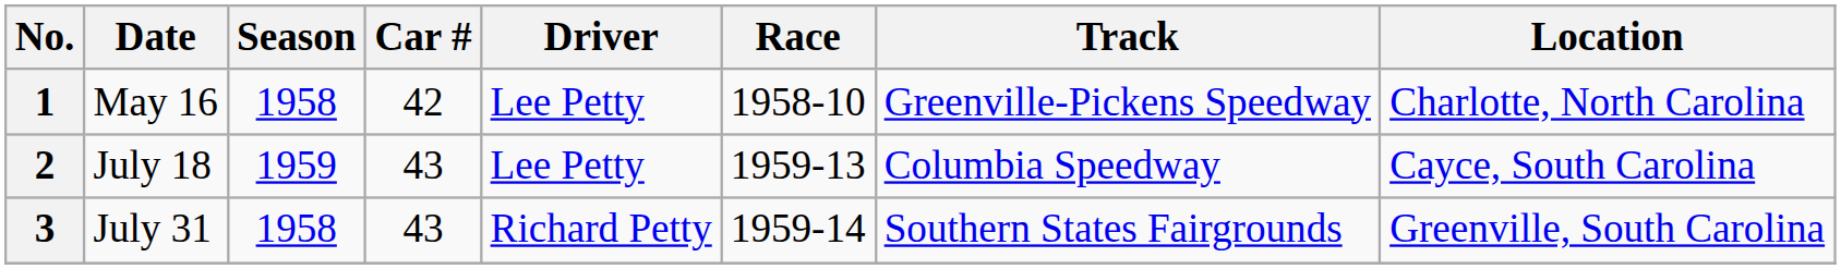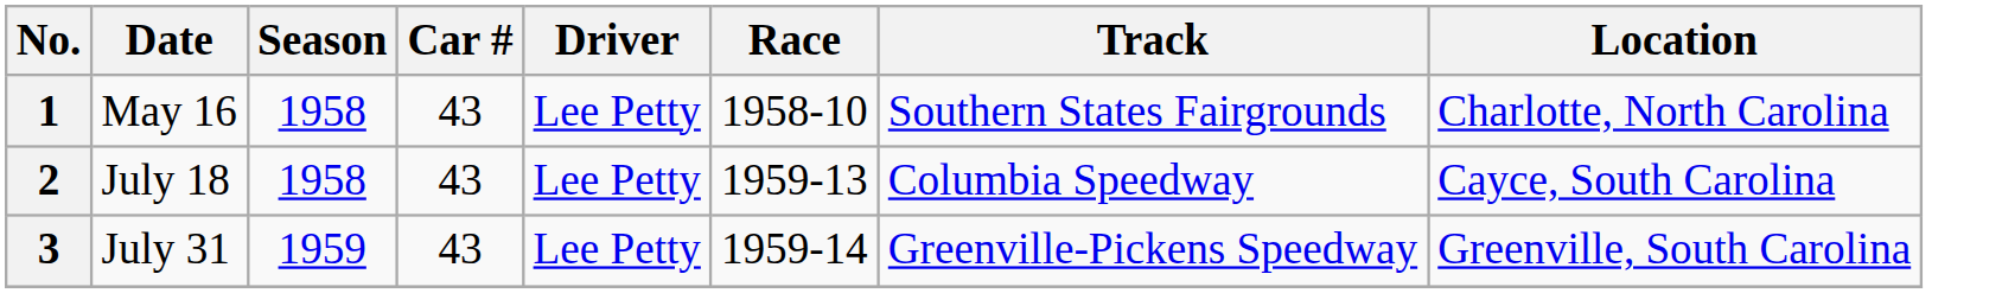 <table class="wikitable sortable">
 <tr>
 <th scope="col">No.</th>
 <th scope="col">Date</th>
 <th scope="col">Season</th>
 <th scope="col">Car #</th>
 <th scope="col">Driver</th>
 <th scope="col">Race</th>
 <th scope="col">Track</th>
 <th scope="col">Location</th>
 </tr>
 <tr>
 <th scope="row">1</th>
 <td>May 16</td>
 <td style="text-align:center;"><a href='#'>1958</a></td>
-<td style="text-align:center;">42</td>
+<td style="text-align:center;">43</td>
 <td><a href='#'>Lee Petty</a></td>
 <td>1958-10</td>
-<td><a href='#'>Greenville-Pickens Speedway</a></td>
+<td><a href='#'>Southern States Fairgrounds</a></td>
 <td><a href='#'>Charlotte, North Carolina</a></td>
 </tr>
 <tr>
 <th scope="row">2</th>
 <td>July 18</td>
-<td style="text-align:center;"><a href='#'>1959</a></td>
+<td style="text-align:center;"><a href='#'>1958</a></td>
 <td style="text-align:center;">43</td>
 <td><a href='#'>Lee Petty</a></td>
 <td>1959-13</td>
 <td><a href='#'>Columbia Speedway</a></td>
 <td><a href='#'>Cayce, South Carolina</a></td>
 </tr>
 <tr>
 <th scope="row">3</th>
 <td>July 31</td>
-<td style="text-align:center;"><a href='#'>1958</a></td>
+<td style="text-align:center;"><a href='#'>1959</a></td>
 <td style="text-align:center;">43</td>
-<td><a href='#'>Richard Petty</a></td>
+<td><a href='#'>Lee Petty</a></td>
 <td>1959-14</td>
-<td><a href='#'>Southern States Fairgrounds</a></td>
+<td><a href='#'>Greenville-Pickens Speedway</a></td>
 <td><a href='#'>Greenville, South Carolina</a></td>
 </tr>
 <tr>
 </tr>
 </table>
